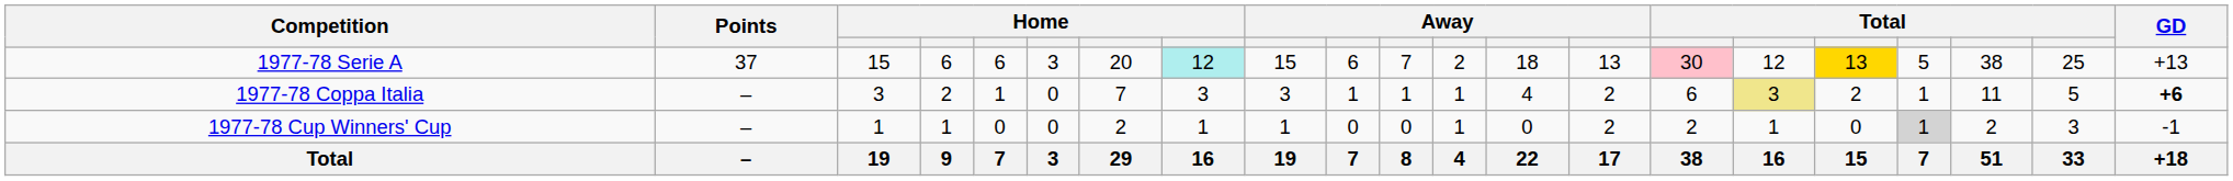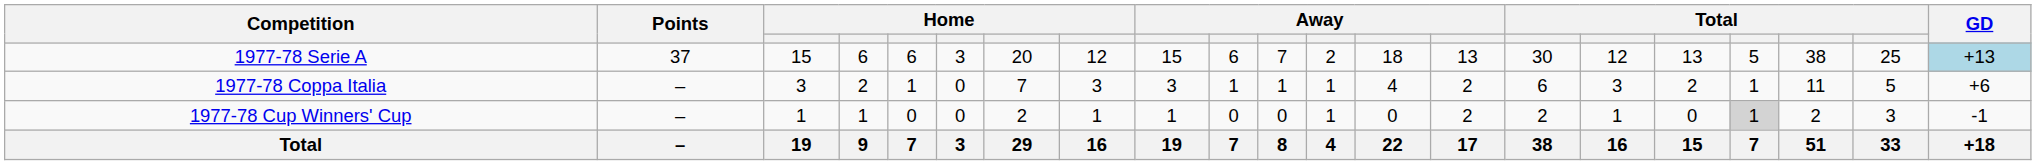 <table class="wikitable" style="font-size:90%;width:100%;margin:auto;clear:both;text-align:center;">
 <tr>
 <th rowspan="2">Competition</th>
 <th rowspan="2">Points</th>
 <th colspan="6">Home</th>
 <th colspan="6">Away</th>
 <th colspan="6">Total</th>
 <th rowspan="2"><a href='#'>GD</a></th>
 </tr>
 <tr>
 <th></th>
 <th></th>
 <th></th>
 <th></th>
 <th></th>
 <th></th>
 <th></th>
 <th></th>
 <th></th>
 <th></th>
 <th></th>
 <th></th>
 <th></th>
 <th></th>
 <th></th>
 <th></th>
 <th></th>
 <th></th>
 </tr>
 <tr>
 <td><a href='#'>1977-78 Serie A</a></td>
 <td>37</td>
 <td>15</td>
 <td>6</td>
 <td>6</td>
 <td>3</td>
 <td>20</td>
-<td style="background: paleturquoise;">12</td>
+<td>12</td>
 <td>15</td>
 <td>6</td>
 <td>7</td>
 <td>2</td>
 <td>18</td>
 <td>13</td>
-<td style="background: pink;">30</td>
+<td>30</td>
 <td>12</td>
-<td style="background: gold;">13</td>
+<td>13</td>
 <td>5</td>
 <td>38</td>
 <td>25</td>
-<td>+13</td>
+<td style="background: lightblue;">+13</td>
 </tr>
 <tr>
 <td><a href='#'>1977-78 Coppa Italia</a></td>
 <td>–</td>
 <td>3</td>
 <td>2</td>
 <td>1</td>
 <td>0</td>
 <td>7</td>
 <td>3</td>
 <td>3</td>
 <td>1</td>
 <td>1</td>
 <td>1</td>
 <td>4</td>
 <td>2</td>
 <td>6</td>
-<td style="background: khaki;">3</td>
+<td>3</td>
 <td>2</td>
 <td>1</td>
 <td>11</td>
 <td>5</td>
-<td><strong>+6</strong></td>
+<td>+6</td>
 </tr>
 <tr>
 <td><a href='#'>1977-78 Cup Winners' Cup</a></td>
 <td>–</td>
 <td>1</td>
 <td>1</td>
 <td>0</td>
 <td>0</td>
 <td>2</td>
 <td>1</td>
 <td>1</td>
 <td>0</td>
 <td>0</td>
 <td>1</td>
 <td>0</td>
 <td>2</td>
 <td>2</td>
 <td>1</td>
 <td>0</td>
 <td style="background: lightgrey;">1</td>
 <td>2</td>
 <td>3</td>
 <td>-1</td>
 </tr>
 <tr>
 <th>Total</th>
 <th>–</th>
 <th>19</th>
 <th>9</th>
 <th>7</th>
 <th>3</th>
 <th>29</th>
 <th>16</th>
 <th>19</th>
 <th>7</th>
 <th>8</th>
 <th>4</th>
 <th>22</th>
 <th>17</th>
 <th>38</th>
 <th>16</th>
 <th>15</th>
 <th>7</th>
 <th>51</th>
 <th>33</th>
 <th>+18</th>
 </tr>
 </table>
